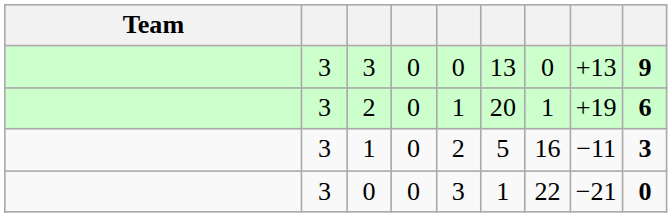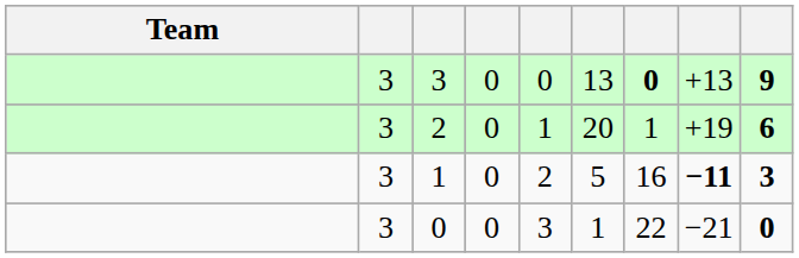 <table class="wikitable" style="text-align: center;">
 <tr>
 <th width="175">Team</th>
 <th width="20"></th>
 <th width="20"></th>
 <th width="20"></th>
 <th width="20"></th>
 <th width="20"></th>
 <th width="20"></th>
 <th width="20"></th>
 <th width="20"></th>
 </tr>
 <tr bgcolor=ccffcc>
 <td align=left></td>
 <td>3</td>
 <td>3</td>
 <td>0</td>
 <td>0</td>
 <td>13</td>
-<td>0</td>
+<td><strong>0</strong></td>
 <td>+13</td>
 <td><strong>9</strong></td>
 </tr>
 <tr bgcolor=ccffcc>
 <td align=left></td>
 <td>3</td>
 <td>2</td>
 <td>0</td>
 <td>1</td>
 <td>20</td>
 <td>1</td>
 <td>+19</td>
 <td><strong>6</strong></td>
 </tr>
 <tr>
 <td align=left></td>
 <td>3</td>
 <td>1</td>
 <td>0</td>
 <td>2</td>
 <td>5</td>
 <td>16</td>
-<td>−11</td>
+<td><strong>−11</strong></td>
 <td><strong>3</strong></td>
 </tr>
 <tr>
 <td align=left><em></em></td>
 <td>3</td>
 <td>0</td>
 <td>0</td>
 <td>3</td>
 <td>1</td>
 <td>22</td>
 <td>−21</td>
 <td><strong>0</strong></td>
 </tr>
 </table>
